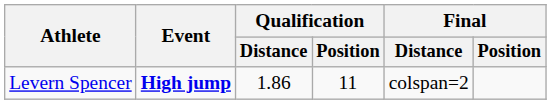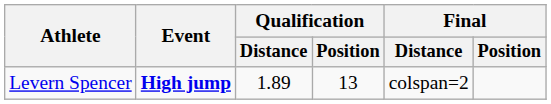 <table class=wikitable style=font-size:90%>
 <tr>
 <th rowspan=2>Athlete</th>
 <th rowspan=2>Event</th>
 <th colspan=2>Qualification</th>
 <th colspan=2>Final</th>
 </tr>
 <tr style=font-size:95%>
 <th>Distance</th>
 <th>Position</th>
 <th>Distance</th>
 <th>Position</th>
 </tr>
 <tr align=center>
 <td align=left><a href='#'>Levern Spencer</a></td>
 <td align=left><strong><a href='#'>High jump</a></strong></td>
-<td>1.86</td>
-<td>11</td>
+<td>1.89</td>
+<td>13</td>
 <td>colspan=2 </td>
 </tr>
 </table>
